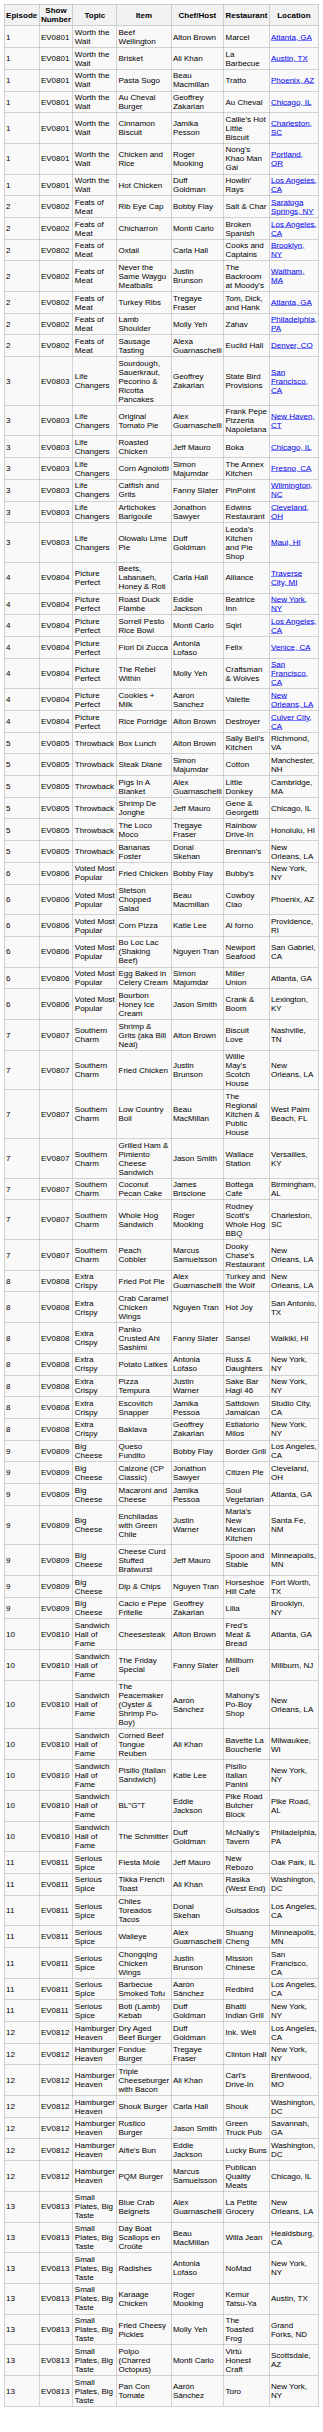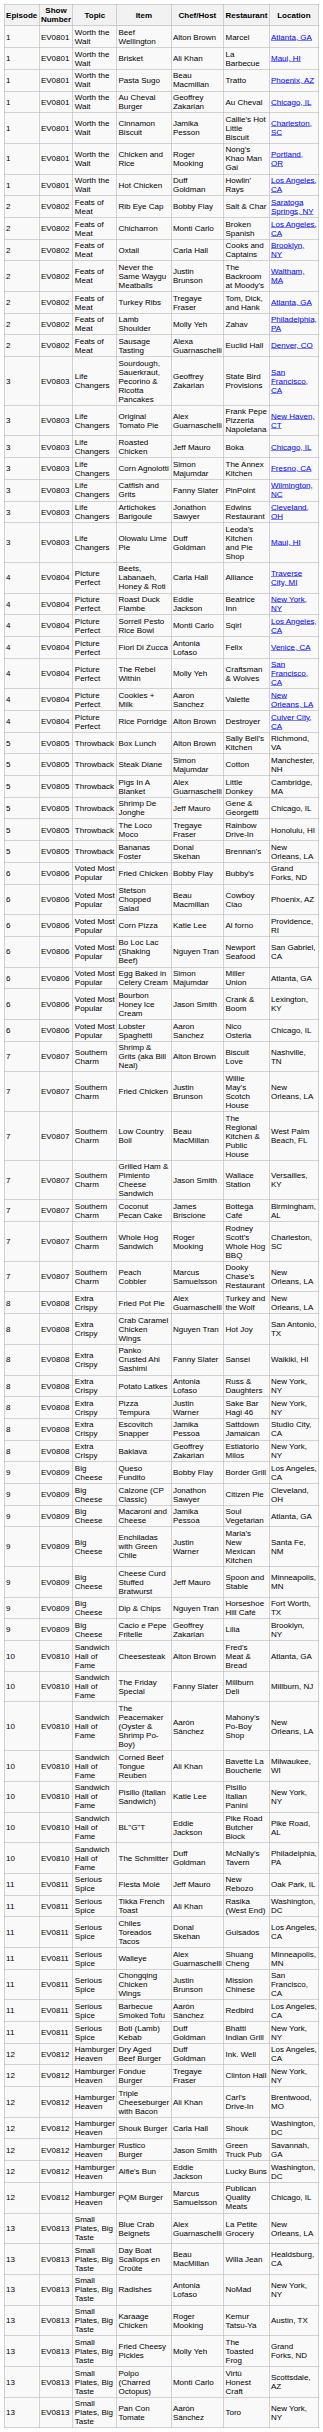 <table class="wikitable sortable">
 <tr>
 <th>Episode</th>
 <th>Show Number</th>
 <th>Topic</th>
 <th>Item</th>
 <th>Chef/Host</th>
 <th>Restaurant</th>
 <th>Location</th>
 </tr>
 <tr>
 <td>1</td>
 <td>EV0801</td>
 <td>Worth the Wait</td>
 <td>Beef Wellington</td>
 <td>Alton Brown</td>
 <td>Marcel</td>
 <td><a href='#'>Atlanta, GA</a></td>
 </tr>
 <tr>
 <td>1</td>
 <td>EV0801</td>
 <td>Worth the Wait</td>
 <td>Brisket</td>
 <td>Ali Khan</td>
 <td>La Barbecue</td>
-<td><a href='#'>Austin, TX</a></td>
+<td><a href='#'>Maui, HI</a></td>
 </tr>
 <tr>
 <td>1</td>
 <td>EV0801</td>
 <td>Worth the Wait</td>
 <td>Pasta Sugo</td>
 <td>Beau Macmillan</td>
 <td>Tratto</td>
 <td><a href='#'>Phoenix, AZ</a></td>
 </tr>
 <tr>
 <td>1</td>
 <td>EV0801</td>
 <td>Worth the Wait</td>
 <td>Au Cheval Burger</td>
 <td>Geoffrey Zakarian</td>
 <td>Au Cheval</td>
 <td><a href='#'>Chicago, IL</a></td>
 </tr>
 <tr>
 <td>1</td>
 <td>EV0801</td>
 <td>Worth the Wait</td>
 <td>Cinnamon Biscuit</td>
 <td>Jamika Pesson</td>
 <td>Callie's Hot Little Biscuit</td>
 <td><a href='#'>Charleston, SC</a></td>
 </tr>
 <tr>
 <td>1</td>
 <td>EV0801</td>
 <td>Worth the Wait</td>
 <td>Chicken and Rice</td>
 <td>Roger Mooking</td>
 <td>Nong's Khao Man Gai</td>
 <td><a href='#'>Portland, OR</a></td>
 </tr>
 <tr>
 <td>1</td>
 <td>EV0801</td>
 <td>Worth the Wait</td>
 <td>Hot Chicken</td>
 <td>Duff Goldman</td>
 <td>Howlin' Rays</td>
 <td><a href='#'>Los Angeles, CA</a></td>
 </tr>
 <tr>
 <td>2</td>
 <td>EV0802</td>
 <td>Feats of Meat</td>
 <td>Rib Eye Cap</td>
 <td>Bobby Flay</td>
 <td>Salt & Char</td>
 <td><a href='#'>Saratoga Springs, NY</a></td>
 </tr>
 <tr>
 <td>2</td>
 <td>EV0802</td>
 <td>Feats of Meat</td>
 <td>Chicharron</td>
 <td>Monti Carlo</td>
 <td>Broken Spanish</td>
 <td><a href='#'>Los Angeles, CA</a></td>
 </tr>
 <tr>
 <td>2</td>
 <td>EV0802</td>
 <td>Feats of Meat</td>
 <td>Oxtail</td>
 <td>Carla Hall</td>
 <td>Cooks and Captains</td>
 <td><a href='#'>Brooklyn, NY</a></td>
 </tr>
 <tr>
 <td>2</td>
 <td>EV0802</td>
 <td>Feats of Meat</td>
 <td>Never the Same Waygu Meatballs</td>
 <td>Justin Brunson</td>
 <td>The Backroom at Moody's</td>
 <td><a href='#'>Waltham, MA</a></td>
 </tr>
 <tr>
 <td>2</td>
 <td>EV0802</td>
 <td>Feats of Meat</td>
 <td>Turkey Ribs</td>
 <td>Tregaye Fraser</td>
 <td>Tom, Dick, and Hank</td>
 <td><a href='#'>Atlanta, GA</a></td>
 </tr>
 <tr>
 <td>2</td>
 <td>EV0802</td>
 <td>Feats of Meat</td>
 <td>Lamb Shoulder</td>
 <td>Molly Yeh</td>
 <td>Zahav</td>
 <td><a href='#'>Philadelphia, PA</a></td>
 </tr>
 <tr>
 <td>2</td>
 <td>EV0802</td>
 <td>Feats of Meat</td>
 <td>Sausage Tasting</td>
 <td>Alexa Guarnaschelli</td>
 <td>Euclid Hall</td>
 <td><a href='#'>Denver, CO</a></td>
 </tr>
 <tr>
 <td>3</td>
 <td>EV0803</td>
 <td>Life Changers</td>
 <td>Sourdough, Sauerkraut, Pecorino & Ricotta Pancakes</td>
 <td>Geoffrey Zakarian</td>
 <td>State Bird Provisions</td>
 <td><a href='#'>San Francisco, CA</a></td>
 </tr>
 <tr>
 <td>3</td>
 <td>EV0803</td>
 <td>Life Changers</td>
 <td>Original Tomato Pie</td>
 <td>Alex Guarnaschelli</td>
 <td>Frank Pepe Pizzeria Napoletana</td>
 <td><a href='#'>New Haven, CT</a></td>
 </tr>
 <tr>
 <td>3</td>
 <td>EV0803</td>
 <td>Life Changers</td>
 <td>Roasted Chicken</td>
 <td>Jeff Mauro</td>
 <td>Boka</td>
 <td><a href='#'>Chicago, IL</a></td>
 </tr>
 <tr>
 <td>3</td>
 <td>EV0803</td>
 <td>Life Changers</td>
 <td>Corn Agnolotti</td>
 <td>Simon Majumdar</td>
 <td>The Annex Kitchen</td>
 <td><a href='#'>Fresno, CA</a></td>
 </tr>
 <tr>
 <td>3</td>
 <td>EV0803</td>
 <td>Life Changers</td>
 <td>Catfish and Grits</td>
 <td>Fanny Slater</td>
 <td>PinPoint</td>
 <td><a href='#'>Wilmington, NC</a></td>
 </tr>
 <tr>
 <td>3</td>
 <td>EV0803</td>
 <td>Life Changers</td>
 <td>Artichokes Barigoule</td>
 <td>Jonathon Sawyer</td>
 <td>Edwins Restaurant</td>
 <td><a href='#'>Cleveland, OH</a></td>
 </tr>
 <tr>
 <td>3</td>
 <td>EV0803</td>
 <td>Life Changers</td>
 <td>Olowalu Lime Pie</td>
 <td>Duff Goldman</td>
 <td>Leoda's Kitchen and Pie Shop</td>
 <td><a href='#'>Maui, HI</a></td>
 </tr>
 <tr>
 <td>4</td>
 <td>EV0804</td>
 <td>Picture Perfect</td>
 <td>Beets, Labanaeh, Honey & Roti</td>
 <td>Carla Hall</td>
 <td>Alliance</td>
 <td><a href='#'>Traverse City, MI</a></td>
 </tr>
 <tr>
 <td>4</td>
 <td>EV0804</td>
 <td>Picture Perfect</td>
 <td>Roast Duck Flambe</td>
 <td>Eddie Jackson</td>
 <td>Beatrice Inn</td>
 <td><a href='#'>New York, NY</a></td>
 </tr>
 <tr>
 <td>4</td>
 <td>EV0804</td>
 <td>Picture Perfect</td>
 <td>Sorrell Pesto Rice Bowl</td>
 <td>Monti Carlo</td>
 <td>Sqirl</td>
 <td><a href='#'>Los Angeles, CA</a></td>
 </tr>
 <tr>
 <td>4</td>
 <td>EV0804</td>
 <td>Picture Perfect</td>
 <td>Fiori Di Zucca</td>
 <td>Antonia Lofaso</td>
 <td>Felix</td>
 <td><a href='#'>Venice, CA</a></td>
 </tr>
 <tr>
 <td>4</td>
 <td>EV0804</td>
 <td>Picture Perfect</td>
 <td>The Rebel Within</td>
 <td>Molly Yeh</td>
 <td>Craftsman & Wolves</td>
 <td><a href='#'>San Francisco, CA</a></td>
 </tr>
 <tr>
 <td>4</td>
 <td>EV0804</td>
 <td>Picture Perfect</td>
 <td>Cookies + Milk</td>
 <td>Aaron Sanchez</td>
 <td>Valette</td>
 <td><a href='#'>New Orleans, LA</a></td>
 </tr>
 <tr>
 <td>4</td>
 <td>EV0804</td>
 <td>Picture Perfect</td>
 <td>Rice Porridge</td>
 <td>Alton Brown</td>
 <td>Destroyer</td>
 <td><a href='#'>Culver City, CA</a></td>
 </tr>
 <tr>
 <td>5</td>
 <td>EV0805</td>
 <td>Throwback</td>
 <td>Box Lunch</td>
 <td>Alton Brown</td>
 <td>Sally Bell's Kitchen</td>
 <td>Richmond, VA</td>
 </tr>
 <tr>
 <td>5</td>
 <td>EV0805</td>
 <td>Throwback</td>
 <td>Steak Diane</td>
 <td>Simon Majumdar</td>
 <td>Cotton</td>
 <td>Manchester, NH</td>
 </tr>
 <tr>
 <td>5</td>
 <td>EV0805</td>
 <td>Throwback</td>
 <td>Pigs In A Blanket</td>
 <td>Alex Guarnaschelli</td>
 <td>Little Donkey</td>
 <td>Cambridge, MA</td>
 </tr>
 <tr>
 <td>5</td>
 <td>EV0805</td>
 <td>Throwback</td>
 <td>Shrimp De Jonghe</td>
 <td>Jeff Mauro</td>
 <td>Gene & Georgetti</td>
 <td>Chicago, IL</td>
 </tr>
 <tr>
 <td>5</td>
 <td>EV0805</td>
 <td>Throwback</td>
 <td>The Loco Moco</td>
 <td>Tregaye Fraser</td>
 <td>Rainbow Drive-In</td>
 <td>Honolulu, HI</td>
 </tr>
 <tr>
 <td>5</td>
 <td>EV0805</td>
 <td>Throwback</td>
 <td>Bananas Foster</td>
 <td>Donal Skehan</td>
 <td>Brennan's</td>
 <td>New Orleans, LA</td>
 </tr>
 <tr>
 <td>6</td>
 <td>EV0806</td>
 <td>Voted Most Popular</td>
 <td>Fried Chicken</td>
 <td>Bobby Flay</td>
 <td>Bubby's</td>
-<td>New York, NY</td>
+<td>Grand Forks, ND</td>
 </tr>
 <tr>
 <td>6</td>
 <td>EV0806</td>
 <td>Voted Most Popular</td>
 <td>Stetson Chopped Salad</td>
 <td>Beau Macmillan</td>
 <td>Cowboy Ciao</td>
 <td>Phoenix, AZ</td>
 </tr>
 <tr>
 <td>6</td>
 <td>EV0806</td>
 <td>Voted Most Popular</td>
 <td>Corn Pizza</td>
 <td>Katie Lee</td>
 <td>Al forno</td>
 <td>Providence, RI</td>
 </tr>
 <tr>
 <td>6</td>
 <td>EV0806</td>
 <td>Voted Most Popular</td>
 <td>Bo Loc Lac (Shaking Beef)</td>
 <td>Nguyen Tran</td>
 <td>Newport Seafood</td>
 <td>San Gabriel, CA</td>
 </tr>
 <tr>
 <td>6</td>
 <td>EV0806</td>
 <td>Voted Most Popular</td>
 <td>Egg Baked in Celery Cream</td>
 <td>Simon Majumdar</td>
 <td>Miller Union</td>
 <td>Atlanta, GA</td>
 </tr>
 <tr>
 <td>6</td>
 <td>EV0806</td>
 <td>Voted Most Popular</td>
 <td>Bourbon Honey Ice Cream</td>
 <td>Jason Smith</td>
 <td>Crank & Boom</td>
 <td>Lexington, KY</td>
+</tr>
+<tr>
+<td>6</td>
+<td>EV0806</td>
+<td>Voted Most Popular</td>
+<td>Lobster Spaghetti</td>
+<td>Aaron Sanchez</td>
+<td>Nico Osteria</td>
+<td>Chicago, IL</td>
 </tr>
 <tr>
 <td>7</td>
 <td>EV0807</td>
 <td>Southern Charm</td>
 <td>Shrimp & Grits (aka Bill Neal)</td>
 <td>Alton Brown</td>
 <td>Biscuit Love</td>
 <td>Nashville, TN</td>
 </tr>
 <tr>
 <td>7</td>
 <td>EV0807</td>
 <td>Southern Charm</td>
 <td>Fried Chicken</td>
 <td>Justin Brunson</td>
 <td>Willie May's Scotch House</td>
 <td>New Orleans, LA</td>
 </tr>
 <tr>
 <td>7</td>
 <td>EV0807</td>
 <td>Southern Charm</td>
 <td>Low Country Boil</td>
 <td>Beau MacMillan</td>
 <td>The Regional Kitchen & Public House</td>
 <td>West Palm Beach, FL</td>
 </tr>
 <tr>
 <td>7</td>
 <td>EV0807</td>
 <td>Southern Charm</td>
 <td>Grilled Ham & Pimiento Cheese Sandwich</td>
 <td>Jason Smith</td>
 <td>Wallace Station</td>
 <td>Versailles, KY</td>
 </tr>
 <tr>
 <td>7</td>
 <td>EV0807</td>
 <td>Southern Charm</td>
 <td>Coconut Pecan Cake</td>
 <td>James Briscione</td>
 <td>Bottega Café</td>
 <td>Birmingham, AL</td>
 </tr>
 <tr>
 <td>7</td>
 <td>EV0807</td>
 <td>Southern Charm</td>
 <td>Whole Hog Sandwich</td>
 <td>Roger Mooking</td>
 <td>Rodney Scott's Whole Hog BBQ</td>
 <td>Charleston, SC</td>
 </tr>
 <tr>
 <td>7</td>
 <td>EV0807</td>
 <td>Southern Charm</td>
 <td>Peach Cobbler</td>
 <td>Marcus Samuelsson</td>
 <td>Dooky Chase's Restaurant</td>
 <td>New Orleans, LA</td>
 </tr>
 <tr>
 <td>8</td>
 <td>EV0808</td>
 <td>Extra Crispy</td>
 <td>Fried Pot Pie</td>
 <td>Alex Guarnaschelli</td>
 <td>Turkey and the Wolf</td>
 <td>New Orleans, LA</td>
 </tr>
 <tr>
 <td>8</td>
 <td>EV0808</td>
 <td>Extra Crispy</td>
 <td>Crab Caramel Chicken Wings</td>
 <td>Nguyen Tran</td>
 <td>Hot Joy</td>
 <td>San Antonio, TX</td>
 </tr>
 <tr>
 <td>8</td>
 <td>EV0808</td>
 <td>Extra Crispy</td>
 <td>Panko Crusted Ahi Sashimi</td>
 <td>Fanny Slater</td>
 <td>Sansei</td>
 <td>Waikiki, HI</td>
 </tr>
 <tr>
 <td>8</td>
 <td>EV0808</td>
 <td>Extra Crispy</td>
 <td>Potato Latkes</td>
 <td>Antonia Lofaso</td>
 <td>Russ & Daughters</td>
 <td>New York, NY</td>
 </tr>
 <tr>
 <td>8</td>
 <td>EV0808</td>
 <td>Extra Crispy</td>
 <td>Pizza Tempura</td>
 <td>Justin Warner</td>
 <td>Sake Bar Hagi 46</td>
 <td>New York, NY</td>
 </tr>
 <tr>
 <td>8</td>
 <td>EV0808</td>
 <td>Extra Crispy</td>
 <td>Escovitch Snapper</td>
 <td>Jamika Pessoa</td>
 <td>Sattdown Jamaican</td>
 <td>Studio City, CA</td>
 </tr>
 <tr>
 <td>8</td>
 <td>EV0808</td>
 <td>Extra Crispy</td>
 <td>Baklava</td>
 <td>Geoffrey Zakarian</td>
 <td>Estiatorio Milos</td>
 <td>New York, NY</td>
 </tr>
 <tr>
 <td>9</td>
 <td>EV0809</td>
 <td>Big Cheese</td>
 <td>Queso Fundito</td>
 <td>Bobby Flay</td>
 <td>Border Grill</td>
 <td>Los Angeles, CA</td>
 </tr>
 <tr>
 <td>9</td>
 <td>EV0809</td>
 <td>Big Cheese</td>
 <td>Calzone (CP Classic)</td>
 <td>Jonathon Sawyer</td>
 <td>Citizen Pie</td>
 <td>Cleveland, OH</td>
 </tr>
 <tr>
 <td>9</td>
 <td>EV0809</td>
 <td>Big Cheese</td>
 <td>Macaroni and Cheese</td>
 <td>Jamika Pessoa</td>
 <td>Soul Vegetarian</td>
 <td>Atlanta, GA</td>
 </tr>
 <tr>
 <td>9</td>
 <td>EV0809</td>
 <td>Big Cheese</td>
 <td>Enchiladas with Green Chile</td>
 <td>Justin Warner</td>
 <td>Maria's New Mexican Kitchen</td>
 <td>Santa Fe, NM</td>
 </tr>
 <tr>
 <td>9</td>
 <td>EV0809</td>
 <td>Big Cheese</td>
 <td>Cheese Curd Stuffed Bratwurst</td>
 <td>Jeff Mauro</td>
 <td>Spoon and Stable</td>
 <td>Minneapolis, MN</td>
 </tr>
 <tr>
 <td>9</td>
 <td>EV0809</td>
 <td>Big Cheese</td>
 <td>Dip & Chips</td>
 <td>Nguyen Tran</td>
 <td>Horseshoe Hill Café</td>
 <td>Fort Worth, TX</td>
 </tr>
 <tr>
 <td>9</td>
 <td>EV0809</td>
 <td>Big Cheese</td>
 <td>Cacio e Pepe Fritelle</td>
 <td>Geoffrey Zakarian</td>
 <td>Lilia</td>
 <td>Brooklyn, NY</td>
 </tr>
 <tr>
 <td>10</td>
 <td>EV0810</td>
 <td>Sandwich Hall of Fame</td>
 <td>Cheesesteak</td>
 <td>Alton Brown</td>
 <td>Fred's Meat & Bread</td>
 <td>Atlanta, GA</td>
 </tr>
 <tr>
 <td>10</td>
 <td>EV0810</td>
 <td>Sandwich Hall of Fame</td>
 <td>The Friday Special</td>
 <td>Fanny Slater</td>
 <td>Millburn Deli</td>
 <td>Millburn, NJ</td>
 </tr>
 <tr>
 <td>10</td>
 <td>EV0810</td>
 <td>Sandwich Hall of Fame</td>
 <td>The Peacemaker (Oyster & Shrimp Po-Boy)</td>
 <td>Aarón Sánchez</td>
 <td>Mahony's Po-Boy Shop</td>
 <td>New Orleans, LA</td>
 </tr>
 <tr>
 <td>10</td>
 <td>EV0810</td>
 <td>Sandwich Hall of Fame</td>
 <td>Corned Beef Tongue Reuben</td>
 <td>Ali Khan</td>
 <td>Bavette La Boucherie</td>
 <td>Milwaukee, WI</td>
 </tr>
 <tr>
 <td>10</td>
 <td>EV0810</td>
 <td>Sandwich Hall of Fame</td>
 <td>Pisillo (Italian Sandwich)</td>
 <td>Katie Lee</td>
 <td>Pisillo Italian Panini</td>
 <td>New York, NY</td>
 </tr>
 <tr>
 <td>10</td>
 <td>EV0810</td>
 <td>Sandwich Hall of Fame</td>
 <td>BL"G"T</td>
 <td>Eddie Jackson</td>
 <td>Pike Road Butcher Block</td>
 <td>Pike Road, AL</td>
 </tr>
 <tr>
 <td>10</td>
 <td>EV0810</td>
 <td>Sandwich Hall of Fame</td>
 <td>The Schmitter</td>
 <td>Duff Goldman</td>
 <td>McNally's Tavern</td>
 <td>Philadelphia, PA</td>
 </tr>
 <tr>
 <td>11</td>
 <td>EV0811</td>
 <td>Serious Spice</td>
 <td>Fiesta Molé</td>
 <td>Jeff Mauro</td>
 <td>New Rebozo</td>
 <td>Oak Park, IL</td>
 </tr>
 <tr>
 <td>11</td>
 <td>EV0811</td>
 <td>Serious Spice</td>
 <td>Tikka French Toast</td>
 <td>Ali Khan</td>
 <td>Rasika (West End)</td>
 <td>Washington, DC</td>
 </tr>
 <tr>
 <td>11</td>
 <td>EV0811</td>
 <td>Serious Spice</td>
 <td>Chiles Toreados Tacos</td>
 <td>Donal Skehan</td>
 <td>Guisados</td>
 <td>Los Angeles, CA</td>
 </tr>
 <tr>
 <td>11</td>
 <td>EV0811</td>
 <td>Serious Spice</td>
 <td>Walleye</td>
 <td>Alex Guarnaschelli</td>
 <td>Shuang Cheng</td>
 <td>Minneapolis, MN</td>
 </tr>
 <tr>
 <td>11</td>
 <td>EV0811</td>
 <td>Serious Spice</td>
 <td>Chongqing Chicken Wings</td>
 <td>Justin Brunson</td>
 <td>Mission Chinese</td>
 <td>San Francisco, CA</td>
 </tr>
 <tr>
 <td>11</td>
 <td>EV0811</td>
 <td>Serious Spice</td>
 <td>Barbecue Smoked Tofu</td>
 <td>Aarón Sánchez</td>
 <td>Redbird</td>
 <td>Los Angeles, CA</td>
 </tr>
 <tr>
 <td>11</td>
 <td>EV0811</td>
 <td>Serious Spice</td>
 <td>Boti (Lamb) Kebab</td>
 <td>Duff Goldman</td>
 <td>Bhatti Indian Grill</td>
 <td>New York, NY</td>
 </tr>
 <tr>
 <td>12</td>
 <td>EV0812</td>
 <td>Hamburger Heaven</td>
 <td>Dry Aged Beef Burger</td>
 <td>Duff Goldman</td>
 <td>Ink. Well</td>
 <td>Los Angeles, CA</td>
 </tr>
 <tr>
 <td>12</td>
 <td>EV0812</td>
 <td>Hamburger Heaven</td>
 <td>Fondue Burger</td>
 <td>Tregaye Fraser</td>
 <td>Clinton Hall</td>
 <td>New York, NY</td>
 </tr>
 <tr>
 <td>12</td>
 <td>EV0812</td>
 <td>Hamburger Heaven</td>
 <td>Triple Cheeseburger with Bacon</td>
 <td>Ali Khan</td>
 <td>Carl's Drive-In</td>
 <td>Brentwood, MO</td>
 </tr>
 <tr>
 <td>12</td>
 <td>EV0812</td>
 <td>Hamburger Heaven</td>
 <td>Shouk Burger</td>
 <td>Carla Hall</td>
 <td>Shouk</td>
 <td>Washington, DC</td>
 </tr>
 <tr>
 <td>12</td>
 <td>EV0812</td>
 <td>Hamburger Heaven</td>
 <td>Rustico Burger</td>
 <td>Jason Smith</td>
 <td>Green Truck Pub</td>
 <td>Savannah, GA</td>
 </tr>
 <tr>
 <td>12</td>
 <td>EV0812</td>
 <td>Hamburger Heaven</td>
 <td>Alfie's Bun</td>
 <td>Eddie Jackson</td>
 <td>Lucky Buns</td>
 <td>Washington, DC</td>
 </tr>
 <tr>
 <td>12</td>
 <td>EV0812</td>
 <td>Hamburger Heaven</td>
 <td>PQM Burger</td>
 <td>Marcus Samuelsson</td>
 <td>Publican Quality Meats</td>
 <td>Chicago, IL</td>
 </tr>
 <tr>
 <td>13</td>
 <td>EV0813</td>
 <td>Small Plates, Big Taste</td>
 <td>Blue Crab Beignets</td>
 <td>Alex Guarnaschelli</td>
 <td>La Petite Grocery</td>
 <td>New Orleans, LA</td>
 </tr>
 <tr>
 <td>13</td>
 <td>EV0813</td>
 <td>Small Plates, Big Taste</td>
 <td>Day Boat Scallops en Croûte</td>
 <td>Beau MacMillan</td>
 <td>Willa Jean</td>
 <td>Healdsburg, CA</td>
 </tr>
 <tr>
 <td>13</td>
 <td>EV0813</td>
 <td>Small Plates, Big Taste</td>
 <td>Radishes</td>
 <td>Antonia Lofaso</td>
 <td>NoMad</td>
 <td>New York, NY</td>
 </tr>
 <tr>
 <td>13</td>
 <td>EV0813</td>
 <td>Small Plates, Big Taste</td>
 <td>Karaage Chicken</td>
 <td>Roger Mooking</td>
 <td>Kemur Tatsu-Ya</td>
 <td>Austin, TX</td>
 </tr>
 <tr>
 <td>13</td>
 <td>EV0813</td>
 <td>Small Plates, Big Taste</td>
 <td>Fried Cheesy Pickles</td>
 <td>Molly Yeh</td>
 <td>The Toasted Frog</td>
 <td>Grand Forks, ND</td>
 </tr>
 <tr>
 <td>13</td>
 <td>EV0813</td>
 <td>Small Plates, Big Taste</td>
 <td>Polpo (Charred Octopus)</td>
 <td>Monti Carlo</td>
 <td>Virtú Honest Craft</td>
 <td>Scottsdale, AZ</td>
 </tr>
 <tr>
 <td>13</td>
 <td>EV0813</td>
 <td>Small Plates, Big Taste</td>
 <td>Pan Con Tomate</td>
 <td>Aarón Sánchez</td>
 <td>Toro</td>
 <td>New York, NY</td>
 </tr>
 </table>
